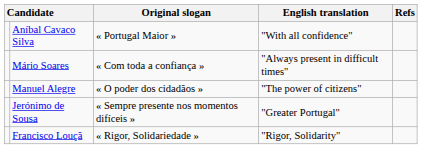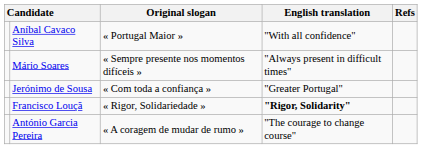 <table class="wikitable" style="font-size:97%; text-align:left;">
 <tr>
 <th style="text-align:left;" colspan="2">Candidate</th>
 <th>Original slogan</th>
 <th>English translation</th>
 <th>Refs</th>
 </tr>
 <tr>
 <td></td>
 <td><a href='#'>Aníbal Cavaco Silva</a></td>
 <td>« Portugal Maior »</td>
 <td>"With all confidence"</td>
 <td></td>
 </tr>
 <tr>
 <td width="1"></td>
 <td><a href='#'>Mário Soares</a></td>
-<td>« Com toda a confiança »</td>
+<td>« Sempre presente nos momentos difíceis »</td>
 <td>"Always present in difficult times"</td>
-<td></td>
-</tr>
-<tr>
-<td width="1"></td>
-<td><a href='#'>Manuel Alegre</a></td>
-<td>« O poder dos cidadãos »</td>
-<td>"The power of citizens"</td>
 <td></td>
 </tr>
 <tr>
 <td></td>
 <td><a href='#'>Jerónimo de Sousa</a></td>
-<td>« Sempre presente nos momentos difíceis »</td>
+<td>« Com toda a confiança »</td>
 <td>"Greater Portugal"</td>
 <td></td>
 </tr>
 <tr>
 <td></td>
 <td><a href='#'>Francisco Louçã</a></td>
 <td>« Rigor, Solidariedade »</td>
-<td>"Rigor, Solidarity"</td>
+<td><strong>"Rigor, Solidarity"</strong></td>
+<td></td>
+</tr>
+<tr>
+<td></td>
+<td><a href='#'>António Garcia Pereira</a></td>
+<td>« A coragem de mudar de rumo »</td>
+<td>"The courage to change course"</td>
 <td></td>
 </tr>
 </table>
